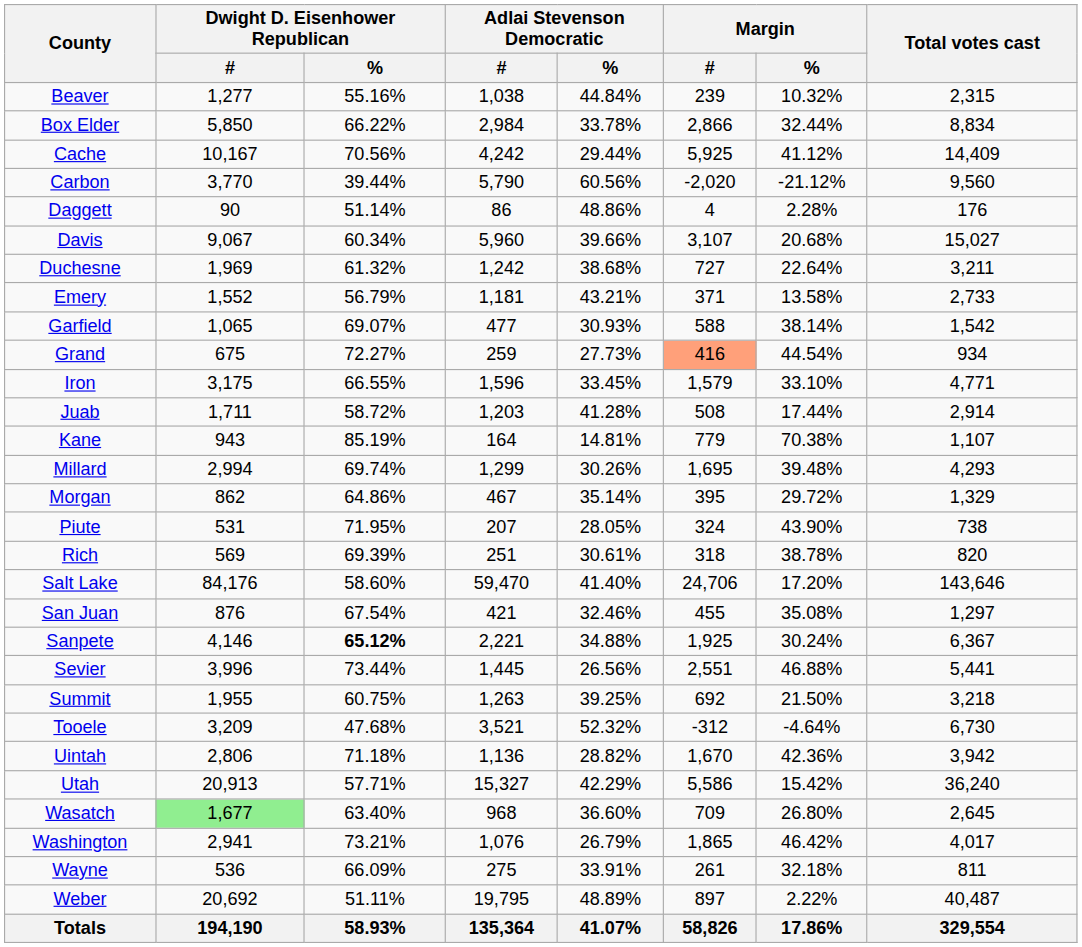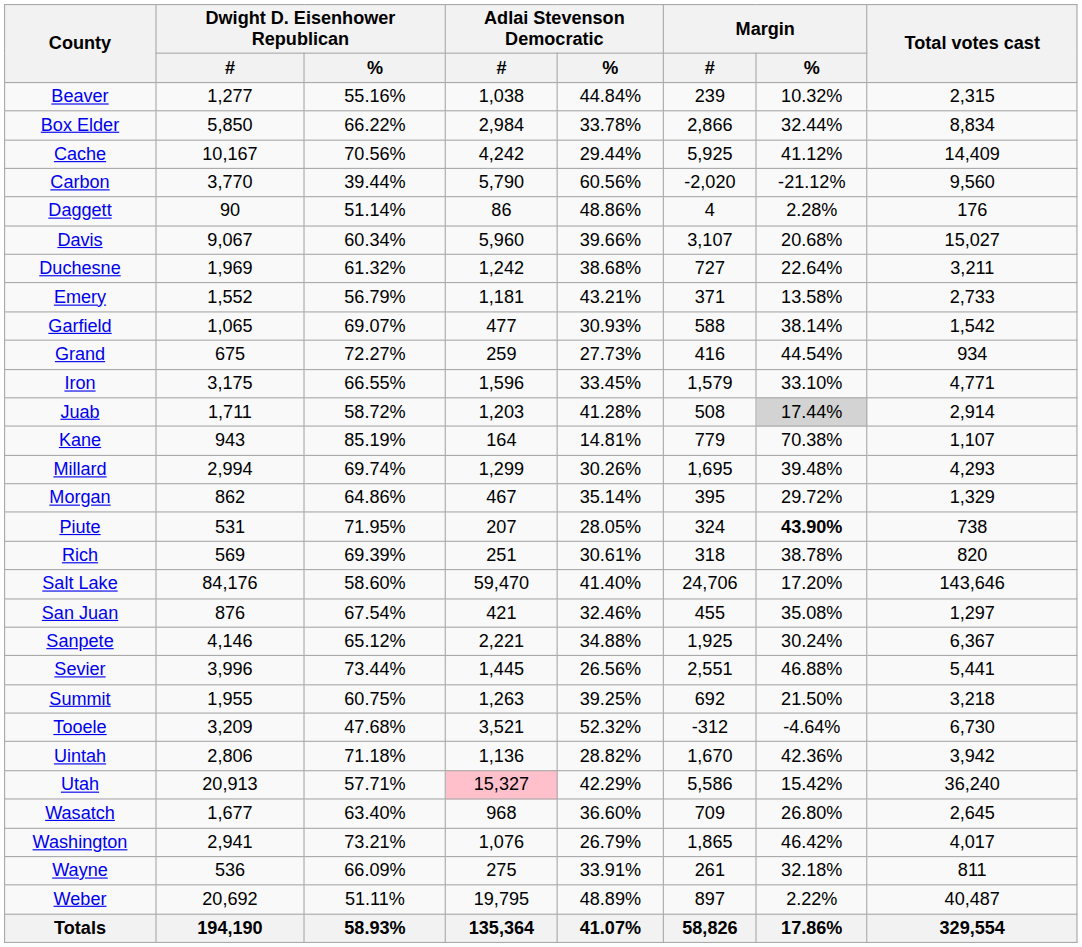 <table width="60%"  class="wikitable sortable" style="text-align:center">
 <tr>
 <th style="text-align:center;" rowspan="2">County</th>
 <th style="text-align:center;" colspan="2">Dwight D. Eisenhower<br>Republican</th>
 <th style="text-align:center;" colspan="2">Adlai Stevenson<br>Democratic</th>
 <th style="text-align:center;" colspan="2">Margin</th>
 <th rowspan="2" style="text-align:center;">Total votes cast</th>
 </tr>
 <tr>
 <th style="text-align:center;" data-sort-type="number">#</th>
 <th style="text-align:center;" data-sort-type="number">%</th>
 <th style="text-align:center;" data-sort-type="number">#</th>
 <th style="text-align:center;" data-sort-type="number">%</th>
 <th style="text-align:center;" data-sort-type="number">#</th>
 <th style="text-align:center;" data-sort-type="number">%</th>
 </tr>
 <tr style="text-align:center;">
 <td><a href='#'>Beaver</a></td>
 <td>1,277</td>
 <td>55.16%</td>
 <td>1,038</td>
 <td>44.84%</td>
 <td>239</td>
 <td>10.32%</td>
 <td>2,315</td>
 </tr>
 <tr style="text-align:center;">
 <td><a href='#'>Box Elder</a></td>
 <td>5,850</td>
 <td>66.22%</td>
 <td>2,984</td>
 <td>33.78%</td>
 <td>2,866</td>
 <td>32.44%</td>
 <td>8,834</td>
 </tr>
 <tr style="text-align:center;">
 <td><a href='#'>Cache</a></td>
 <td>10,167</td>
 <td>70.56%</td>
 <td>4,242</td>
 <td>29.44%</td>
 <td>5,925</td>
 <td>41.12%</td>
 <td>14,409</td>
 </tr>
 <tr style="text-align:center;">
 <td><a href='#'>Carbon</a></td>
 <td>3,770</td>
 <td>39.44%</td>
 <td>5,790</td>
 <td>60.56%</td>
 <td>-2,020</td>
 <td>-21.12%</td>
 <td>9,560</td>
 </tr>
 <tr style="text-align:center;">
 <td><a href='#'>Daggett</a></td>
 <td>90</td>
 <td>51.14%</td>
 <td>86</td>
 <td>48.86%</td>
 <td>4</td>
 <td>2.28%</td>
 <td>176</td>
 </tr>
 <tr style="text-align:center;">
 <td><a href='#'>Davis</a></td>
 <td>9,067</td>
 <td>60.34%</td>
 <td>5,960</td>
 <td>39.66%</td>
 <td>3,107</td>
 <td>20.68%</td>
 <td>15,027</td>
 </tr>
 <tr style="text-align:center;">
 <td><a href='#'>Duchesne</a></td>
 <td>1,969</td>
 <td>61.32%</td>
 <td>1,242</td>
 <td>38.68%</td>
 <td>727</td>
 <td>22.64%</td>
 <td>3,211</td>
 </tr>
 <tr style="text-align:center;">
 <td><a href='#'>Emery</a></td>
 <td>1,552</td>
 <td>56.79%</td>
 <td>1,181</td>
 <td>43.21%</td>
 <td>371</td>
 <td>13.58%</td>
 <td>2,733</td>
 </tr>
 <tr style="text-align:center;">
 <td><a href='#'>Garfield</a></td>
 <td>1,065</td>
 <td>69.07%</td>
 <td>477</td>
 <td>30.93%</td>
 <td>588</td>
 <td>38.14%</td>
 <td>1,542</td>
 </tr>
 <tr style="text-align:center;">
 <td><a href='#'>Grand</a></td>
 <td>675</td>
 <td>72.27%</td>
 <td>259</td>
 <td>27.73%</td>
-<td style="background: lightsalmon;">416</td>
+<td>416</td>
 <td>44.54%</td>
 <td>934</td>
 </tr>
 <tr style="text-align:center;">
 <td><a href='#'>Iron</a></td>
 <td>3,175</td>
 <td>66.55%</td>
 <td>1,596</td>
 <td>33.45%</td>
 <td>1,579</td>
 <td>33.10%</td>
 <td>4,771</td>
 </tr>
 <tr style="text-align:center;">
 <td><a href='#'>Juab</a></td>
 <td>1,711</td>
 <td>58.72%</td>
 <td>1,203</td>
 <td>41.28%</td>
 <td>508</td>
-<td>17.44%</td>
+<td style="background: lightgrey;">17.44%</td>
 <td>2,914</td>
 </tr>
 <tr style="text-align:center;">
 <td><a href='#'>Kane</a></td>
 <td>943</td>
 <td>85.19%</td>
 <td>164</td>
 <td>14.81%</td>
 <td>779</td>
 <td>70.38%</td>
 <td>1,107</td>
 </tr>
 <tr style="text-align:center;">
 <td><a href='#'>Millard</a></td>
 <td>2,994</td>
 <td>69.74%</td>
 <td>1,299</td>
 <td>30.26%</td>
 <td>1,695</td>
 <td>39.48%</td>
 <td>4,293</td>
 </tr>
 <tr style="text-align:center;">
 <td><a href='#'>Morgan</a></td>
 <td>862</td>
 <td>64.86%</td>
 <td>467</td>
 <td>35.14%</td>
 <td>395</td>
 <td>29.72%</td>
 <td>1,329</td>
 </tr>
 <tr style="text-align:center;">
 <td><a href='#'>Piute</a></td>
 <td>531</td>
 <td>71.95%</td>
 <td>207</td>
 <td>28.05%</td>
 <td>324</td>
-<td>43.90%</td>
+<td><strong>43.90%</strong></td>
 <td>738</td>
 </tr>
 <tr style="text-align:center;">
 <td><a href='#'>Rich</a></td>
 <td>569</td>
 <td>69.39%</td>
 <td>251</td>
 <td>30.61%</td>
 <td>318</td>
 <td>38.78%</td>
 <td>820</td>
 </tr>
 <tr style="text-align:center;">
 <td><a href='#'>Salt Lake</a></td>
 <td>84,176</td>
 <td>58.60%</td>
 <td>59,470</td>
 <td>41.40%</td>
 <td>24,706</td>
 <td>17.20%</td>
 <td>143,646</td>
 </tr>
 <tr style="text-align:center;">
 <td><a href='#'>San Juan</a></td>
 <td>876</td>
 <td>67.54%</td>
 <td>421</td>
 <td>32.46%</td>
 <td>455</td>
 <td>35.08%</td>
 <td>1,297</td>
 </tr>
 <tr style="text-align:center;">
 <td><a href='#'>Sanpete</a></td>
 <td>4,146</td>
-<td><strong>65.12%</strong></td>
+<td>65.12%</td>
 <td>2,221</td>
 <td>34.88%</td>
 <td>1,925</td>
 <td>30.24%</td>
 <td>6,367</td>
 </tr>
 <tr style="text-align:center;">
 <td><a href='#'>Sevier</a></td>
 <td>3,996</td>
 <td>73.44%</td>
 <td>1,445</td>
 <td>26.56%</td>
 <td>2,551</td>
 <td>46.88%</td>
 <td>5,441</td>
 </tr>
 <tr style="text-align:center;">
 <td><a href='#'>Summit</a></td>
 <td>1,955</td>
 <td>60.75%</td>
 <td>1,263</td>
 <td>39.25%</td>
 <td>692</td>
 <td>21.50%</td>
 <td>3,218</td>
 </tr>
 <tr style="text-align:center;">
 <td><a href='#'>Tooele</a></td>
 <td>3,209</td>
 <td>47.68%</td>
 <td>3,521</td>
 <td>52.32%</td>
 <td>-312</td>
 <td>-4.64%</td>
 <td>6,730</td>
 </tr>
 <tr style="text-align:center;">
 <td><a href='#'>Uintah</a></td>
 <td>2,806</td>
 <td>71.18%</td>
 <td>1,136</td>
 <td>28.82%</td>
 <td>1,670</td>
 <td>42.36%</td>
 <td>3,942</td>
 </tr>
 <tr style="text-align:center;">
 <td><a href='#'>Utah</a></td>
 <td>20,913</td>
 <td>57.71%</td>
-<td>15,327</td>
+<td style="background: pink;">15,327</td>
 <td>42.29%</td>
 <td>5,586</td>
 <td>15.42%</td>
 <td>36,240</td>
 </tr>
 <tr style="text-align:center;">
 <td><a href='#'>Wasatch</a></td>
-<td style="background: lightgreen;">1,677</td>
+<td>1,677</td>
 <td>63.40%</td>
 <td>968</td>
 <td>36.60%</td>
 <td>709</td>
 <td>26.80%</td>
 <td>2,645</td>
 </tr>
 <tr style="text-align:center;">
 <td><a href='#'>Washington</a></td>
 <td>2,941</td>
 <td>73.21%</td>
 <td>1,076</td>
 <td>26.79%</td>
 <td>1,865</td>
 <td>46.42%</td>
 <td>4,017</td>
 </tr>
 <tr style="text-align:center;">
 <td><a href='#'>Wayne</a></td>
 <td>536</td>
 <td>66.09%</td>
 <td>275</td>
 <td>33.91%</td>
 <td>261</td>
 <td>32.18%</td>
 <td>811</td>
 </tr>
 <tr style="text-align:center;">
 <td><a href='#'>Weber</a></td>
 <td>20,692</td>
 <td>51.11%</td>
 <td>19,795</td>
 <td>48.89%</td>
 <td>897</td>
 <td>2.22%</td>
 <td>40,487</td>
 </tr>
 <tr style="text-align:center;">
 <th>Totals</th>
 <th>194,190</th>
 <th>58.93%</th>
 <th>135,364</th>
 <th>41.07%</th>
 <th>58,826</th>
 <th>17.86%</th>
 <th>329,554</th>
 </tr>
 </table>
